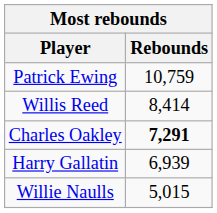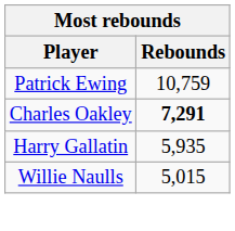 <table class="wikitable sortable" style="text-align:center">
 <tr>
 <th colspan="2" style="text-align:center; ">Most rebounds</th>
 </tr>
 <tr>
 <th style="text-align:center; ">Player</th>
 <th style="text-align:center; ">Rebounds</th>
 </tr>
 <tr>
 <td><a href='#'>Patrick Ewing</a></td>
 <td>10,759</td>
 </tr>
 <tr>
-<td><a href='#'>Willis Reed</a></td>
-<td>8,414</td>
-</tr>
-<tr>
 <td><a href='#'>Charles Oakley</a></td>
 <td><strong>7,291</strong></td>
 </tr>
 <tr>
 <td><a href='#'>Harry Gallatin</a></td>
-<td>6,939</td>
+<td>5,935</td>
 </tr>
 <tr>
 <td><a href='#'>Willie Naulls</a></td>
 <td>5,015</td>
 </tr>
 </table>
